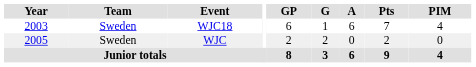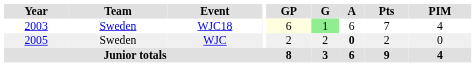 <table border="0" cellpadding="1" cellspacing="0" ID="Table3" style="text-align:center; width:40em">
 <tr bgcolor="#e0e0e0">
 <th>Year</th>
 <th>Team</th>
 <th>Event</th>
 <th rowspan="102" bgcolor="#ffffff"></th>
 <th>GP</th>
 <th>G</th>
 <th>A</th>
 <th>Pts</th>
 <th>PIM</th>
 </tr>
 <tr>
 <td><a href='#'>2003</a></td>
 <td><a href='#'>Sweden</a></td>
 <td><a href='#'>WJC18</a></td>
-<td>6</td>
-<td>1</td>
+<td style="background: lightyellow;">6</td>
+<td style="background: lightgreen;">1</td>
 <td>6</td>
 <td>7</td>
 <td>4</td>
 </tr>
 <tr bgcolor="#f0f0f0">
 <td><a href='#'>2005</a></td>
 <td>Sweden</td>
 <td><a href='#'>WJC</a></td>
 <td>2</td>
 <td>2</td>
-<td>0</td>
+<td><strong>0</strong></td>
 <td>2</td>
 <td>0</td>
 </tr>
 <tr bgcolor="#e0e0e0">
 <th colspan="4">Junior totals</th>
 <th>8</th>
 <th>3</th>
 <th>6</th>
 <th>9</th>
 <th>4</th>
 </tr>
 </table>
